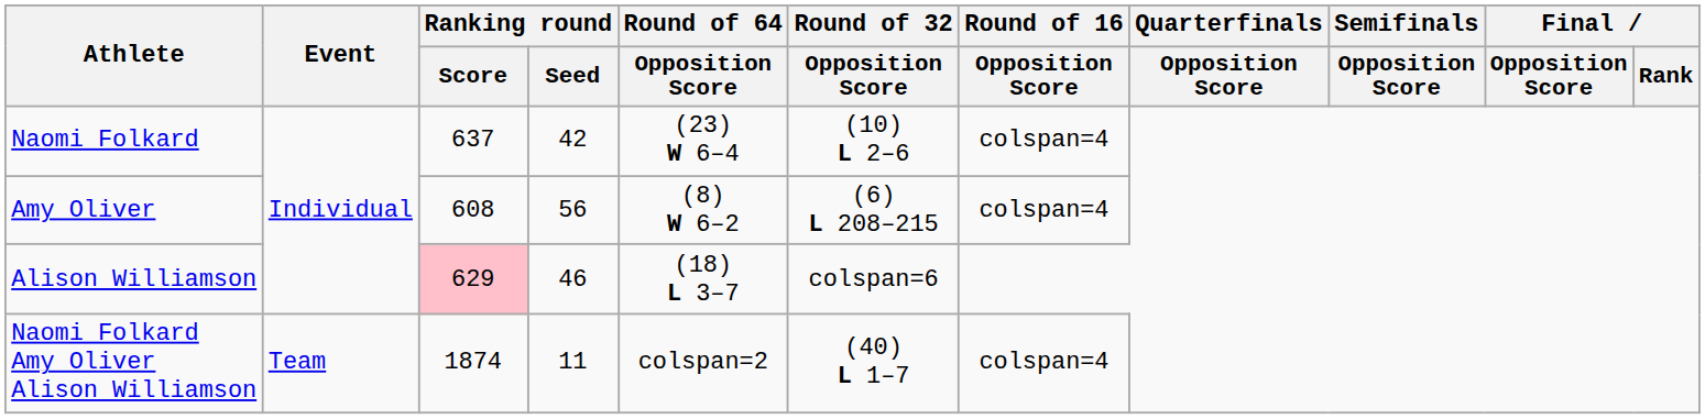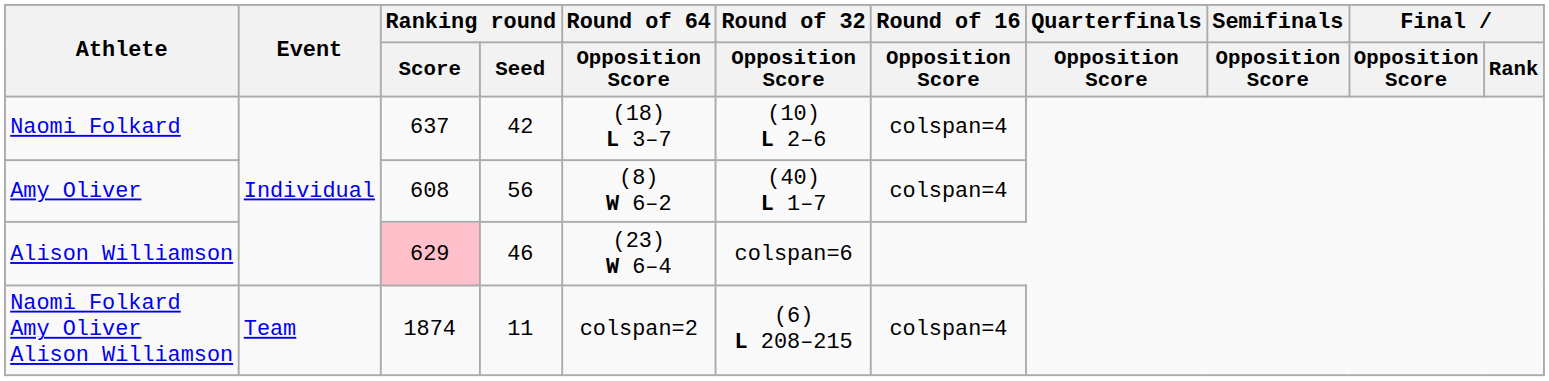 <table class="wikitable" style="text-align:center; font-size:90%;">
 <tr>
 <th rowspan="2">Athlete</th>
 <th rowspan="2">Event</th>
 <th colspan="2">Ranking round</th>
 <th>Round of 64</th>
 <th>Round of 32</th>
 <th>Round of 16</th>
 <th>Quarterfinals</th>
 <th>Semifinals</th>
 <th colspan="2">Final / </th>
 </tr>
 <tr style="font-size:95%">
 <th>Score</th>
 <th>Seed</th>
 <th>Opposition<br>Score</th>
 <th>Opposition<br>Score</th>
 <th>Opposition<br>Score</th>
 <th>Opposition<br>Score</th>
 <th>Opposition<br>Score</th>
 <th>Opposition<br>Score</th>
 <th>Rank</th>
 </tr>
 <tr>
 <td style="text-align:left;"><a href='#'>Naomi Folkard</a></td>
 <td style="text-align:left;" rowspan="3"><a href='#'>Individual</a></td>
 <td>637</td>
 <td>42</td>
-<td> (23)<br><strong>W</strong> 6–4</td>
+<td> (18)<br><strong>L</strong> 3–7</td>
 <td> (10)<br><strong>L</strong> 2–6</td>
 <td>colspan=4 </td>
 </tr>
 <tr>
 <td style="text-align:left;"><a href='#'>Amy Oliver</a></td>
 <td>608</td>
 <td>56</td>
 <td> (8)<br><strong>W</strong> 6–2</td>
-<td> (6)<br><strong>L</strong> 208–215</td>
+<td> (40)<br><strong>L</strong> 1–7</td>
 <td>colspan=4 </td>
 </tr>
 <tr>
 <td style="text-align:left;"><a href='#'>Alison Williamson</a></td>
 <td style="background: pink;">629</td>
 <td>46</td>
-<td> (18)<br><strong>L</strong> 3–7</td>
+<td> (23)<br><strong>W</strong> 6–4</td>
 <td>colspan=6 </td>
 </tr>
 <tr>
 <td style="text-align:left;"><a href='#'>Naomi Folkard</a><br><a href='#'>Amy Oliver</a><br><a href='#'>Alison Williamson</a></td>
 <td style="text-align:left;"><a href='#'>Team</a></td>
 <td>1874</td>
 <td>11</td>
 <td>colspan=2 </td>
-<td> (40)<br><strong>L</strong> 1–7</td>
+<td> (6)<br><strong>L</strong> 208–215</td>
 <td>colspan=4 </td>
 </tr>
 </table>
